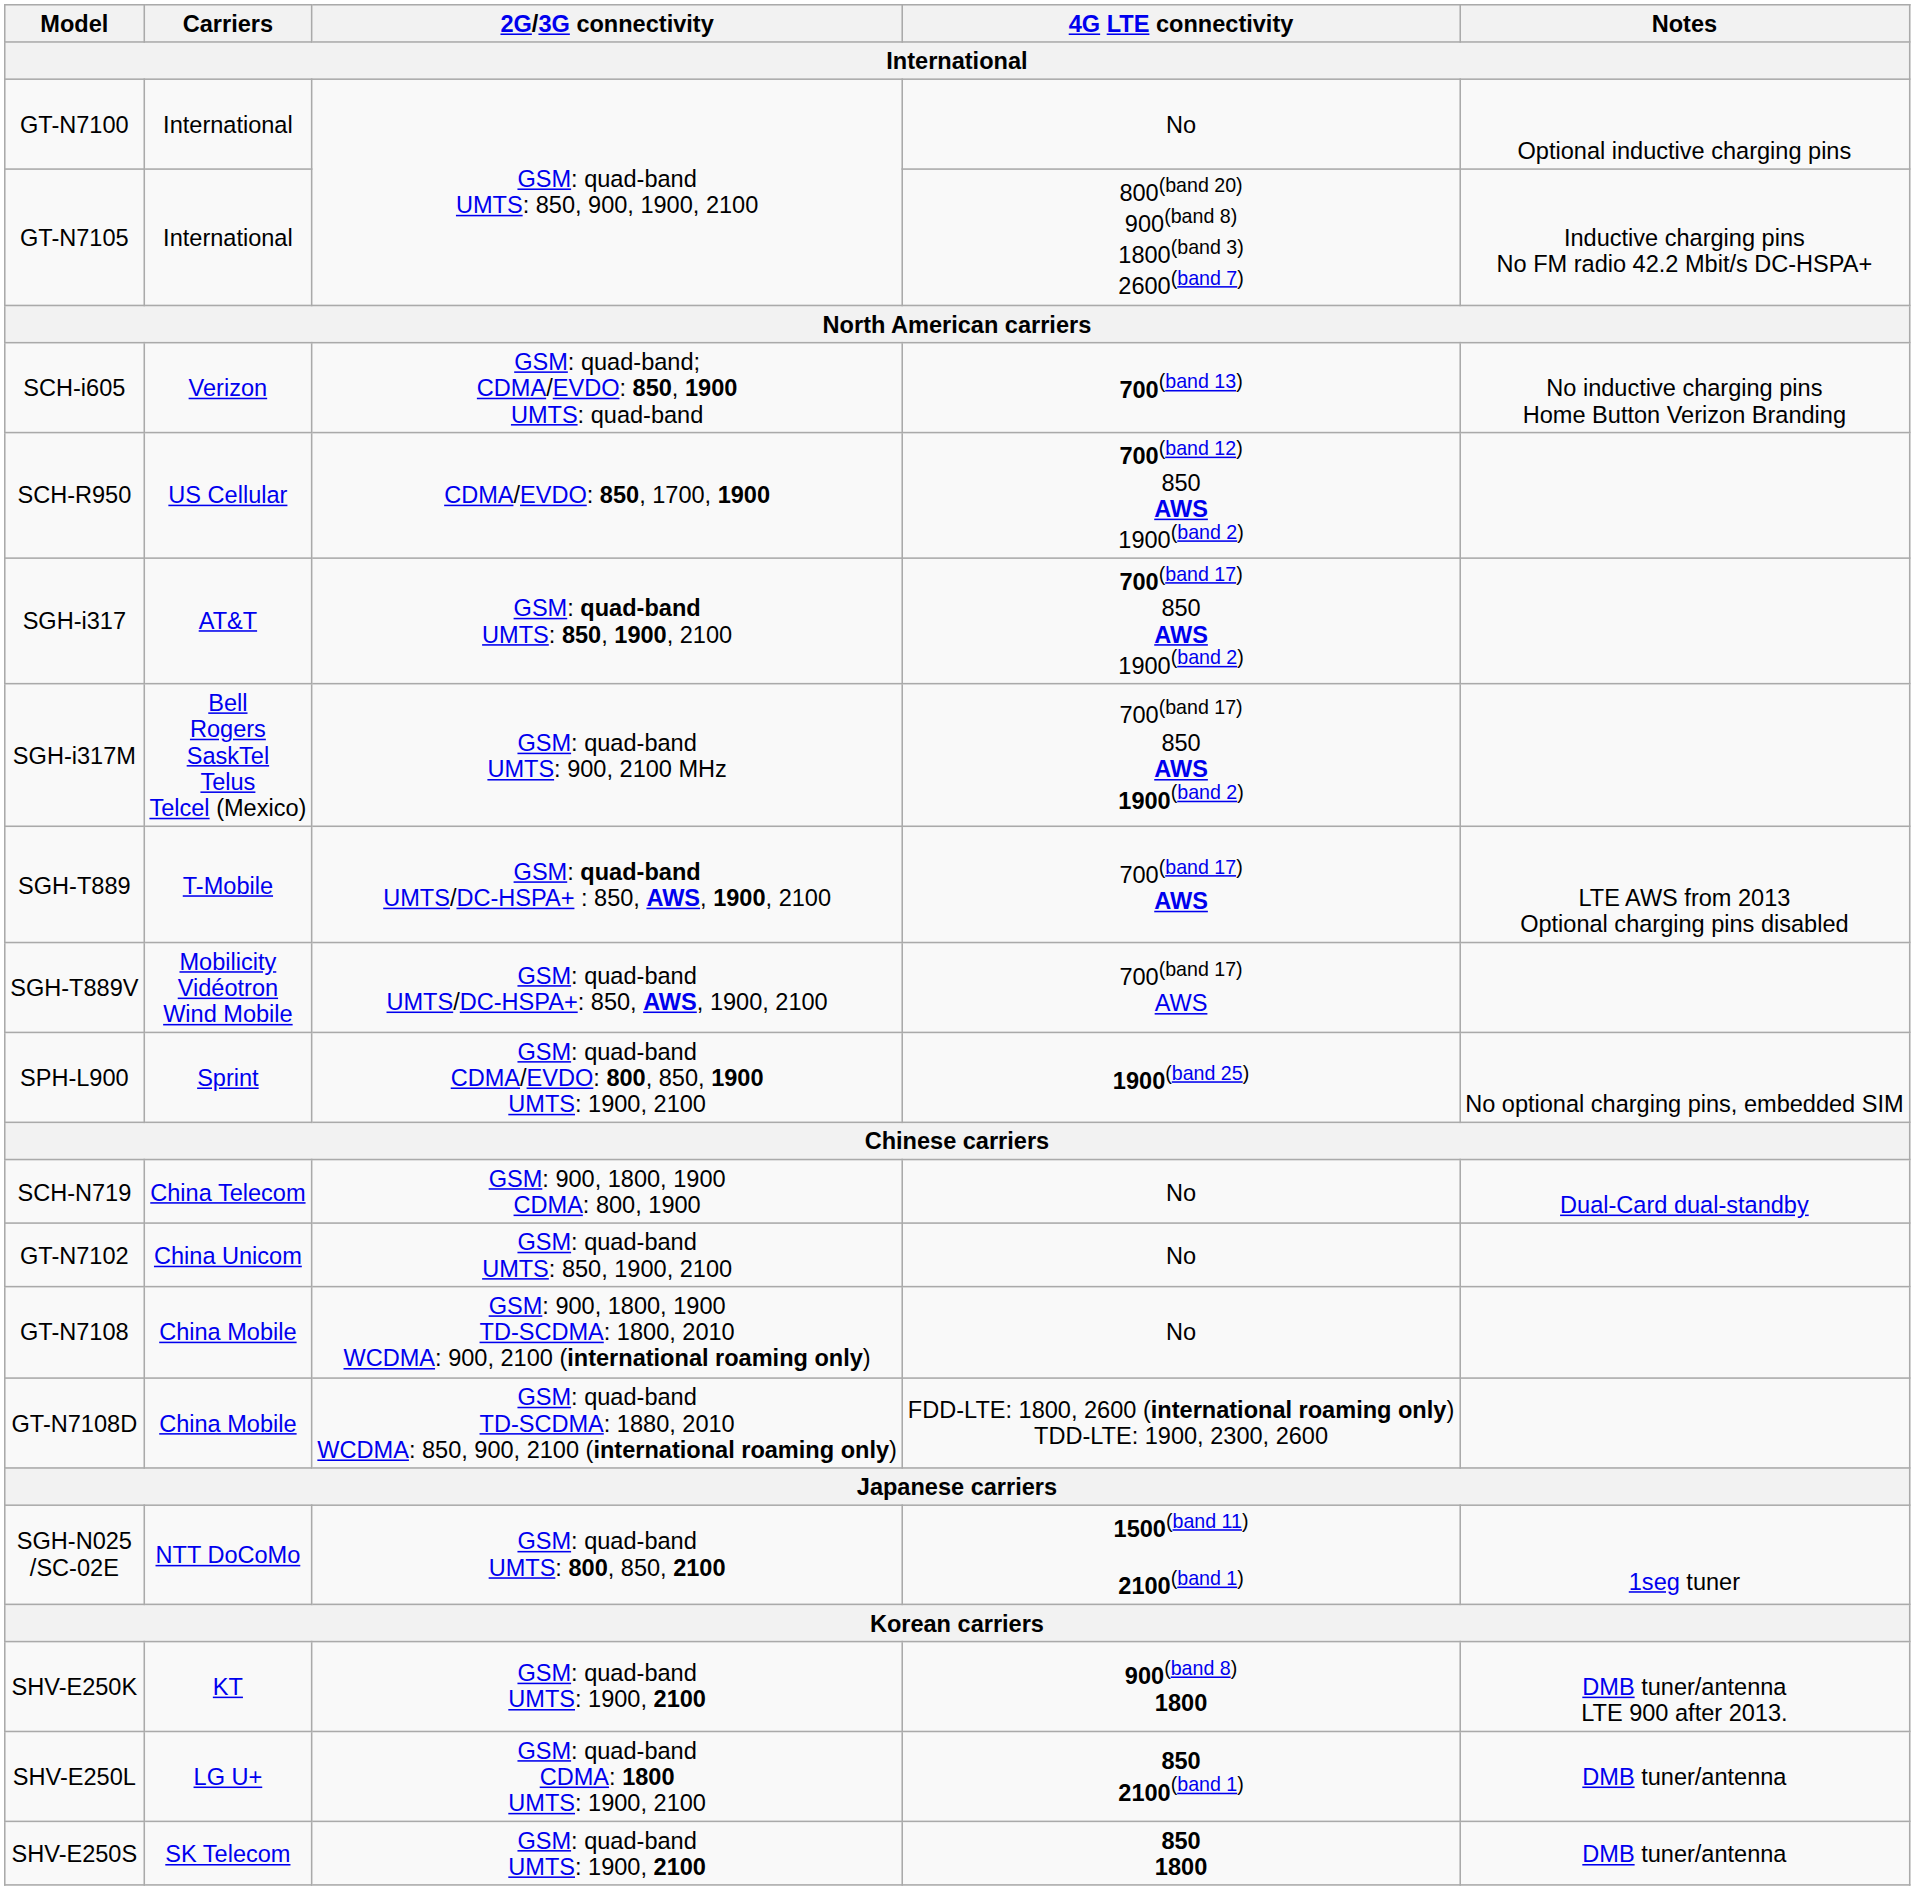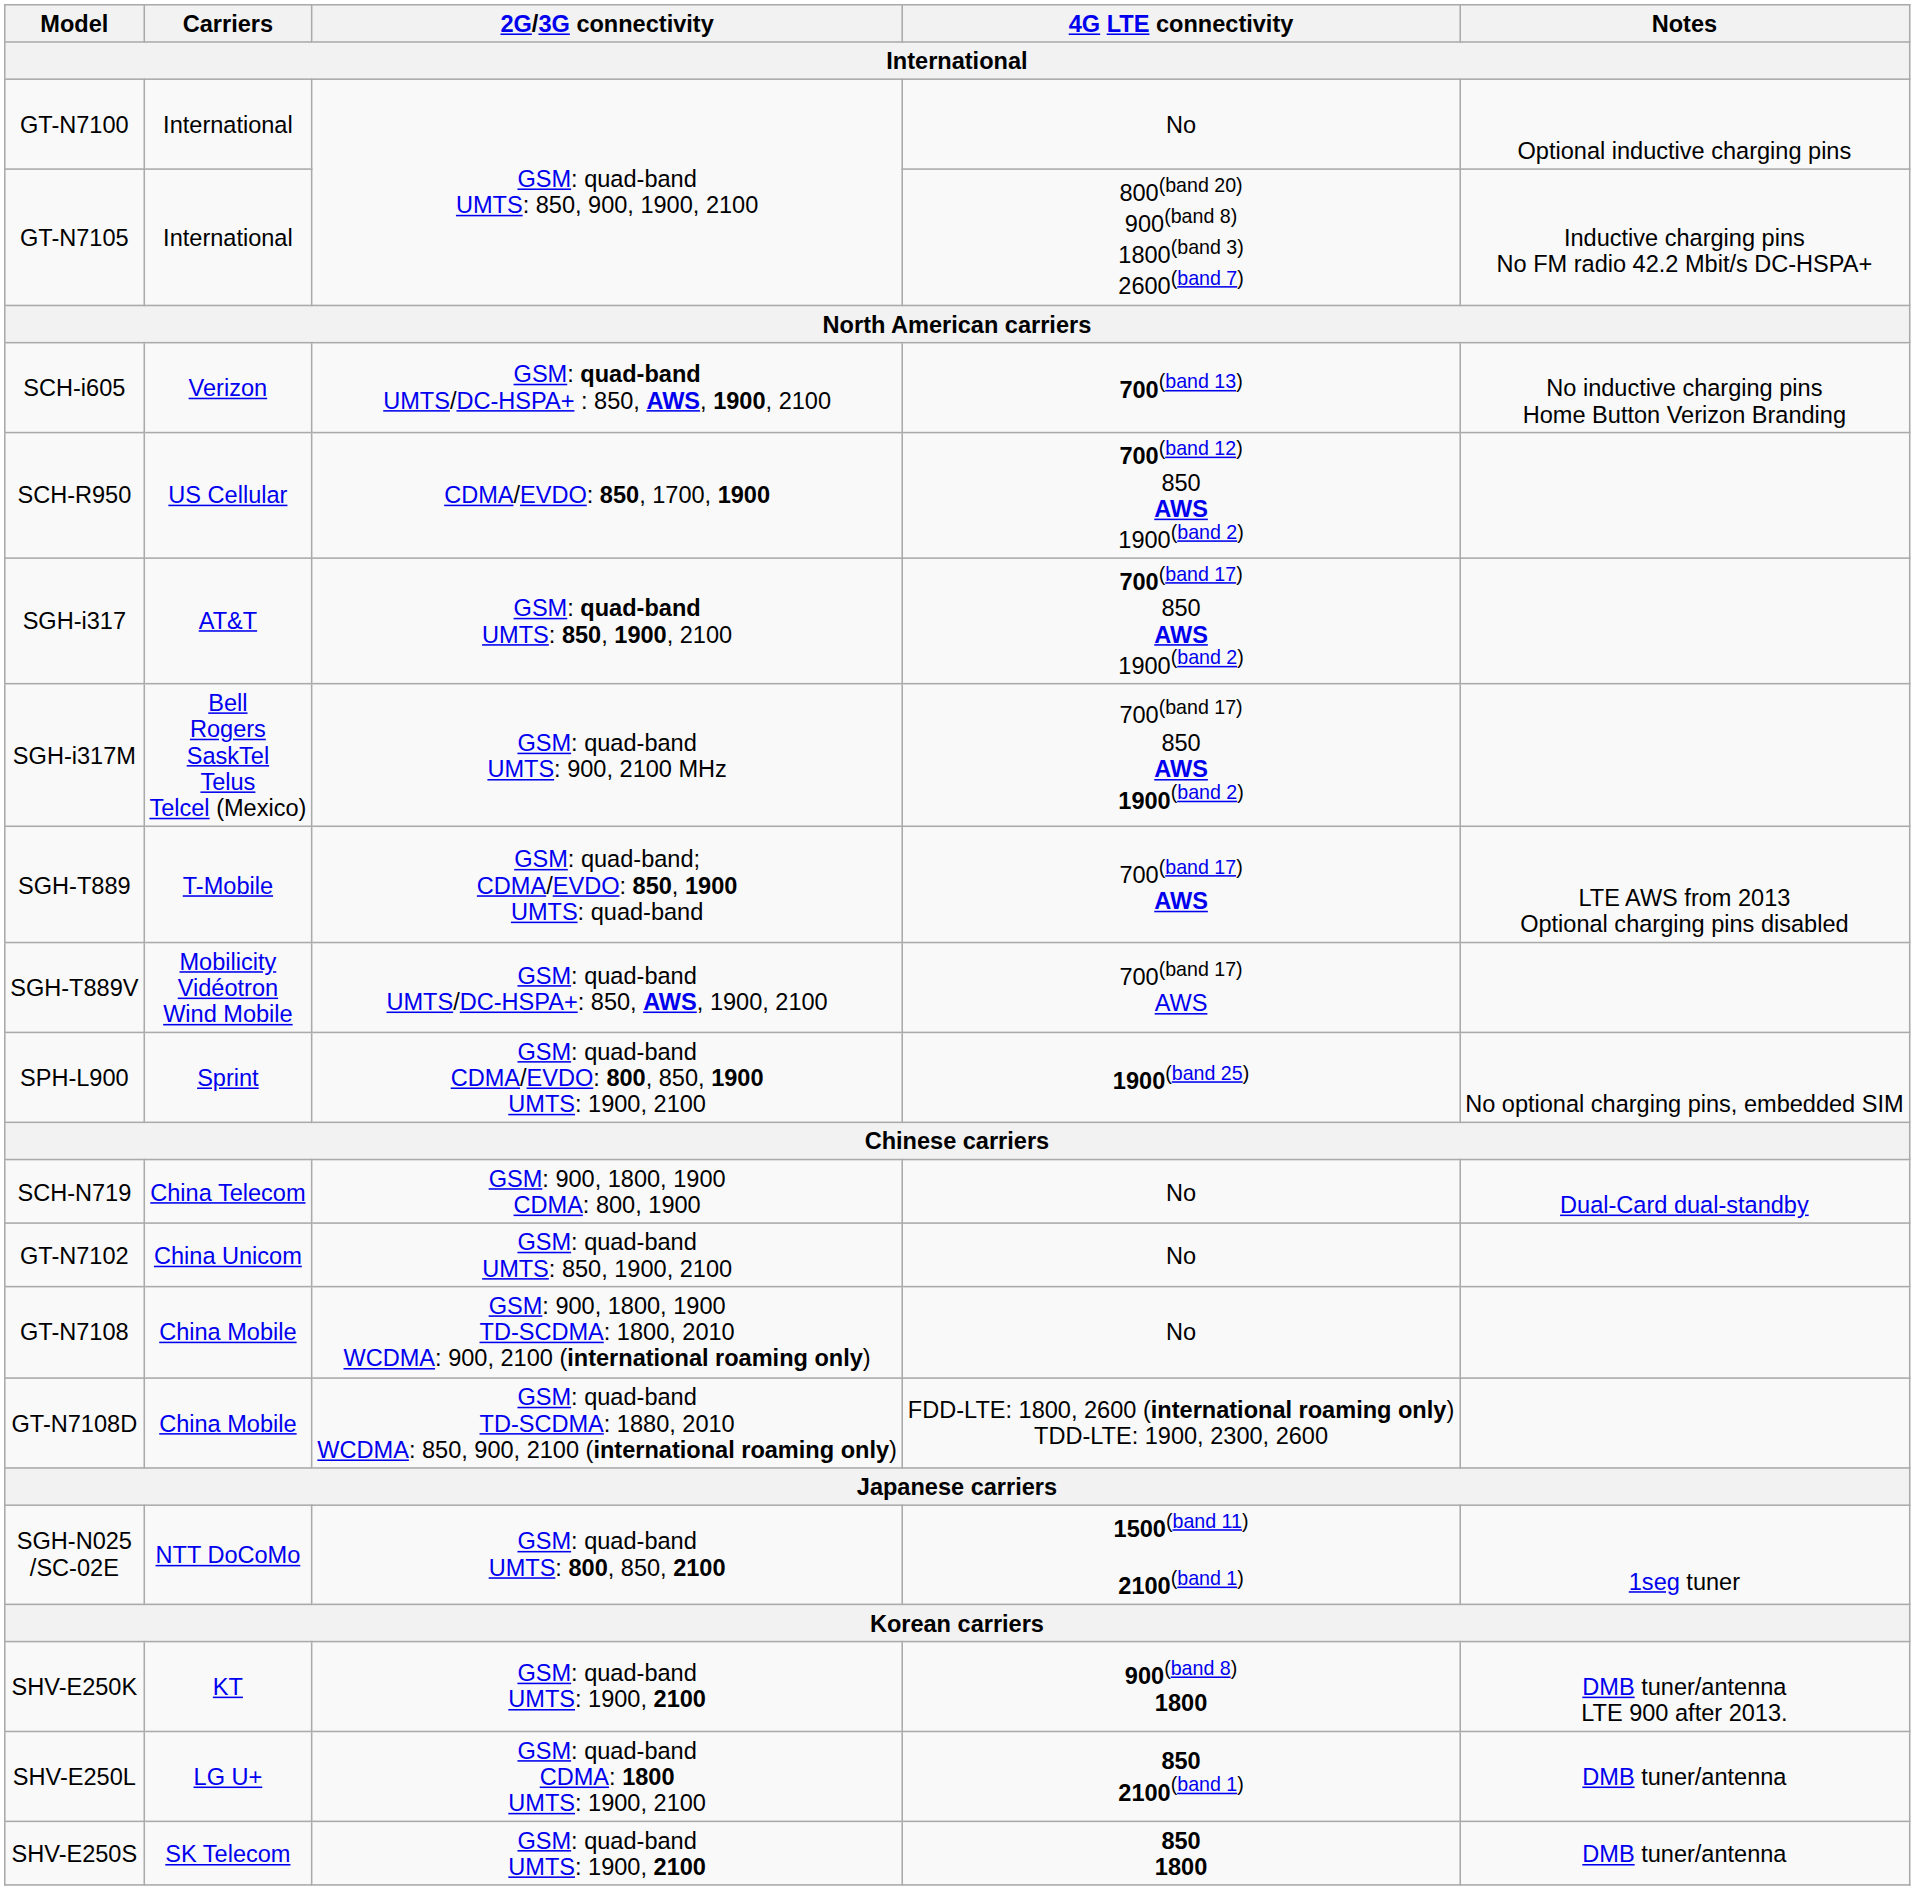 <table class="wikitable" style="text-align: center;font-size:95%;">
 <tr>
 <th>Model</th>
 <th>Carriers</th>
 <th><a href='#'>2G</a>/<a href='#'>3G</a> connectivity</th>
 <th><a href='#'>4G</a> <a href='#'>LTE</a> connectivity</th>
 <th>Notes</th>
 </tr>
 <tr class="sortbottom">
 <th colspan=7>International</th>
 </tr>
 <tr>
 <td>GT-N7100</td>
 <td>International</td>
 <td rowspan=2><a href='#'>GSM</a>: quad-band<br><a href='#'>UMTS</a>: 850, 900, 1900, 2100</td>
 <td>No</td>
 <td><br><br>Optional inductive charging pins</td>
 </tr>
 <tr>
 <td>GT-N7105</td>
 <td>International</td>
 <td>800<sup>(band 20)</sup><br>900<sup>(band 8)</sup><br>1800<sup>(band 3)</sup><br>2600<sup>(<a href='#'>band 7</a>)</sup></td>
 <td><br>Inductive charging pins<br>No FM radio 42.2 Mbit/s DC-HSPA+</td>
 </tr>
 <tr class="sortbottom">
 <th colspan=7>North American carriers</th>
 </tr>
 <tr>
 <td>SCH-i605</td>
 <td><a href='#'>Verizon</a></td>
-<td><a href='#'>GSM</a>: quad-band;<br><a href='#'>CDMA</a>/<a href='#'>EVDO</a>: <strong>850</strong>, <strong>1900</strong><br><a href='#'>UMTS</a>: quad-band</td>
+<td><a href='#'>GSM</a>: <strong>quad-band</strong><br><a href='#'>UMTS</a>/<a href='#'>DC-HSPA+</a> : 850, <strong><a href='#'>AWS</a></strong>, <strong>1900</strong>, 2100</td>
 <td><strong>700</strong><sup>(<a href='#'>band 13</a>)</sup></td>
 <td><br>No inductive charging pins<br>Home Button Verizon Branding</td>
 </tr>
 <tr>
 <td>SCH-R950</td>
 <td><a href='#'>US Cellular</a></td>
 <td><a href='#'>CDMA</a>/<a href='#'>EVDO</a>: <strong>850</strong>, 1700, <strong>1900</strong></td>
 <td><strong>700</strong><sup>(<a href='#'>band 12</a>)</sup><br>850<br><strong><a href='#'>AWS</a></strong><br>1900<sup>(<a href='#'>band 2</a>)</sup></td>
 <td></td>
 </tr>
 <tr>
 <td>SGH-i317</td>
 <td><a href='#'>AT&T</a></td>
 <td><a href='#'>GSM</a>: <strong>quad-band</strong><br><a href='#'>UMTS</a>: <strong>850</strong>, <strong>1900</strong>, 2100</td>
 <td><strong>700</strong><sup>(<a href='#'>band 17</a>)</sup><br>850<br><strong><a href='#'>AWS</a></strong><br>1900<sup>(<a href='#'>band 2</a>)</sup></td>
 <td></td>
 </tr>
 <tr>
 <td>SGH-i317M</td>
 <td><a href='#'>Bell</a><br><a href='#'>Rogers</a><br><a href='#'>SaskTel</a><br><a href='#'>Telus</a><br><a href='#'>Telcel</a> (Mexico)</td>
 <td><a href='#'>GSM</a>: quad-band<br><a href='#'>UMTS</a>: 900, 2100 MHz</td>
 <td>700<sup>(band 17)</sup><br>850<br><strong><a href='#'>AWS</a></strong><br><strong>1900</strong><sup>(<a href='#'>band 2</a>)</sup></td>
 <td></td>
 </tr>
 <tr>
 <td>SGH-T889</td>
 <td><a href='#'>T-Mobile</a></td>
-<td><a href='#'>GSM</a>: <strong>quad-band</strong><br><a href='#'>UMTS</a>/<a href='#'>DC-HSPA+</a> : 850, <strong><a href='#'>AWS</a></strong>, <strong>1900</strong>, 2100</td>
+<td><a href='#'>GSM</a>: quad-band;<br><a href='#'>CDMA</a>/<a href='#'>EVDO</a>: <strong>850</strong>, <strong>1900</strong><br><a href='#'>UMTS</a>: quad-band</td>
 <td>700<sup>(<a href='#'>band 17</a>)</sup><br><strong><a href='#'>AWS</a></strong></td>
 <td><br><br>LTE AWS from 2013<br>Optional charging pins disabled</td>
 </tr>
 <tr>
 <td>SGH-T889V</td>
 <td><a href='#'>Mobilicity</a><br><a href='#'>Vidéotron</a><br><a href='#'>Wind Mobile</a></td>
 <td><a href='#'>GSM</a>: quad-band<br><a href='#'>UMTS</a>/<a href='#'>DC-HSPA+</a>: 850, <strong><a href='#'>AWS</a></strong>, 1900, 2100</td>
 <td>700<sup>(band 17)</sup><br><a href='#'>AWS</a></td>
 <td></td>
 </tr>
 <tr>
 <td>SPH-L900</td>
 <td><a href='#'>Sprint</a></td>
 <td><a href='#'>GSM</a>: quad-band<br><a href='#'>CDMA</a>/<a href='#'>EVDO</a>: <strong>800</strong>, 850, <strong>1900</strong><br><a href='#'>UMTS</a>: 1900, 2100</td>
 <td><strong>1900</strong><sup>(<a href='#'>band 25</a>)</sup></td>
 <td><br><br>No optional charging pins, embedded SIM</td>
 </tr>
 <tr class="sortbottom">
 <th colspan=7>Chinese carriers</th>
 </tr>
 <tr>
 <td>SCH-N719</td>
 <td><a href='#'>China Telecom</a></td>
 <td><a href='#'>GSM</a>: 900, 1800, 1900<br><a href='#'>CDMA</a>: 800, 1900</td>
 <td>No</td>
 <td> <br><a href='#'>Dual-Card dual-standby</a></td>
 </tr>
 <tr>
 <td>GT-N7102</td>
 <td><a href='#'>China Unicom</a></td>
 <td><a href='#'>GSM</a>: quad-band<br><a href='#'>UMTS</a>: 850, 1900, 2100</td>
 <td>No</td>
 <td></td>
 </tr>
 <tr>
 <td>GT-N7108</td>
 <td><a href='#'>China Mobile</a></td>
 <td><a href='#'>GSM</a>: 900, 1800, 1900<br><a href='#'>TD-SCDMA</a>: 1800, 2010<br><a href='#'>WCDMA</a>: 900, 2100 (<strong>international roaming only</strong>)</td>
 <td>No</td>
 <td></td>
 </tr>
 <tr>
 <td>GT-N7108D</td>
 <td><a href='#'>China Mobile</a></td>
 <td><a href='#'>GSM</a>: quad-band<br><a href='#'>TD-SCDMA</a>: 1880, 2010<br><a href='#'>WCDMA</a>: 850, 900, 2100 (<strong>international roaming only</strong>)</td>
 <td>FDD-LTE: 1800, 2600 (<strong>international roaming only</strong>)<br>TDD-LTE: 1900, 2300, 2600</td>
 <td></td>
 </tr>
 <tr class="sortbottom">
 <th colspan=7>Japanese carriers</th>
 </tr>
 <tr>
 <td>SGH-N025<br>/SC-02E</td>
 <td><a href='#'>NTT DoCoMo</a></td>
 <td><a href='#'>GSM</a>: quad-band<br><a href='#'>UMTS</a>: <strong>800</strong>, 850, <strong>2100</strong></td>
 <td><strong>1500</strong><sup>(<a href='#'>band 11</a>)</sup><br><br><strong>2100</strong><sup>(<a href='#'>band 1</a>)</sup></td>
 <td><br><br><a href='#'>1seg</a> tuner</td>
 </tr>
 <tr class="sortbottom">
 <th colspan=7>Korean carriers</th>
 </tr>
 <tr>
 <td>SHV-E250K</td>
 <td><a href='#'>KT</a></td>
 <td><a href='#'>GSM</a>: quad-band<br><a href='#'>UMTS</a>: 1900, <strong>2100</strong></td>
 <td><strong>900</strong><sup>(<a href='#'>band 8</a>)</sup><br><strong>1800</strong></td>
 <td><br><a href='#'>DMB</a> tuner/antenna<br>LTE 900 after 2013.</td>
 </tr>
 <tr>
 <td>SHV-E250L</td>
 <td><a href='#'>LG U+</a></td>
 <td><a href='#'>GSM</a>: quad-band<br><a href='#'>CDMA</a>: <strong>1800</strong><br><a href='#'>UMTS</a>: 1900, 2100</td>
 <td><strong>850</strong><br><strong>2100</strong><sup>(<a href='#'>band 1</a>)</sup></td>
 <td> <a href='#'>DMB</a> tuner/antenna</td>
 </tr>
 <tr>
 <td>SHV-E250S</td>
 <td><a href='#'>SK Telecom</a></td>
 <td><a href='#'>GSM</a>: quad-band<br><a href='#'>UMTS</a>: 1900, <strong>2100</strong></td>
 <td><strong>850</strong><br><strong>1800</strong></td>
 <td> <a href='#'>DMB</a> tuner/antenna</td>
 </tr>
 </table>
